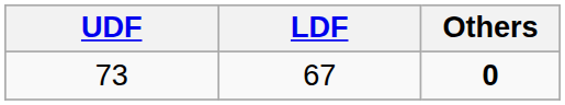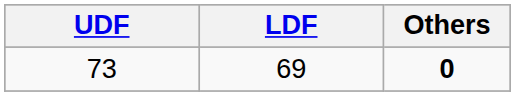 <table class="wikitable" style="text-align:center; width:300px; height:50px">
 <tr>
 <th><a href='#'>UDF</a></th>
 <th><a href='#'>LDF</a></th>
 <th>Others</th>
 </tr>
 <tr>
 <td style="background:">73</td>
-<td style="background:">67</td>
+<td style="background:">69</td>
 <td style= width:25%><strong>0</strong></td>
 </tr>
 </table>
